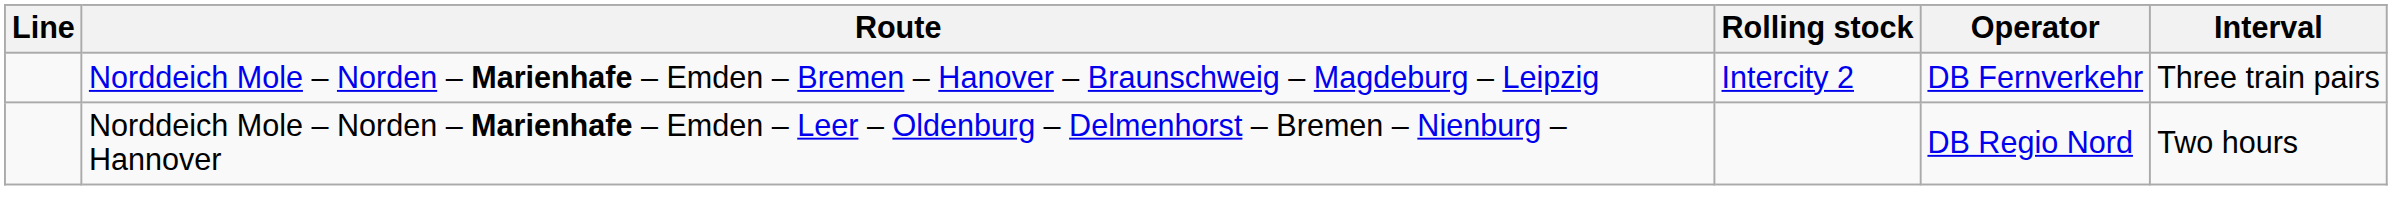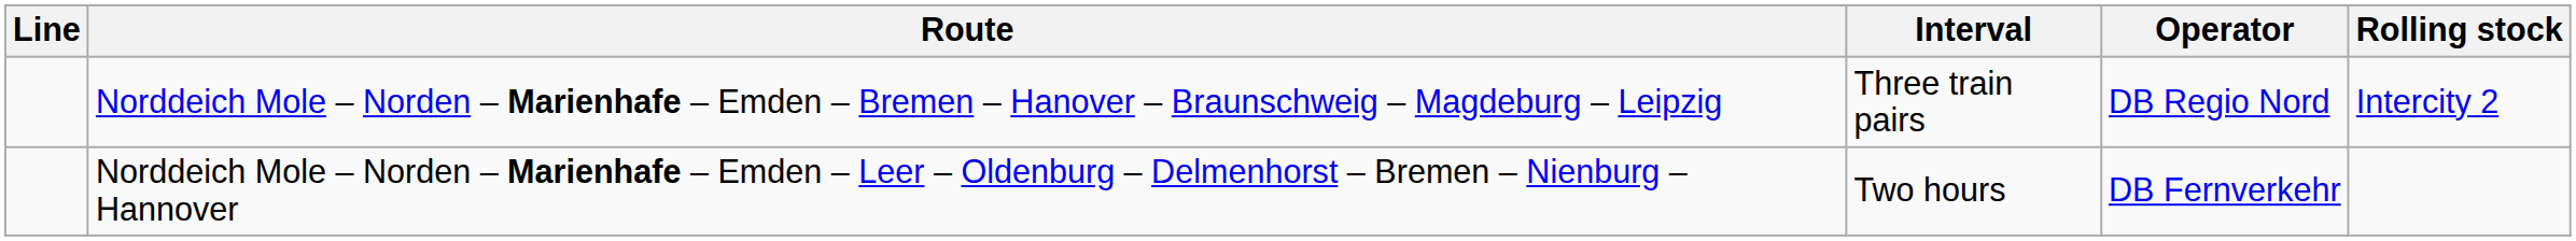 <table class="wikitable">
 <tr>
 <th>Line</th>
 <th>Route</th>
+<th>Interval</th>
+<th>Operator</th>
 <th>Rolling stock</th>
-<th>Operator</th>
-<th>Interval</th>
 </tr>
 <tr>
 <td></td>
 <td><a href='#'>Norddeich Mole</a> – <a href='#'>Norden</a> –  <strong>Marienhafe</strong> – Emden – <a href='#'>Bremen</a> – <a href='#'>Hanover</a> – <a href='#'>Braunschweig</a> – <a href='#'>Magdeburg</a> – <a href='#'>Leipzig</a></td>
+<td>Three train pairs</td>
+<td><a href='#'>DB Regio Nord</a></td>
 <td><a href='#'>Intercity 2</a></td>
-<td><a href='#'>DB Fernverkehr</a></td>
-<td>Three train pairs</td>
 </tr>
 <tr>
 <td></td>
 <td>Norddeich Mole – Norden  –  <strong>Marienhafe</strong> – Emden – <a href='#'>Leer</a> – <a href='#'>Oldenburg</a> – <a href='#'>Delmenhorst</a> – Bremen – <a href='#'>Nienburg</a> – Hannover</td>
+<td>Two hours</td>
+<td><a href='#'>DB Fernverkehr</a></td>
 <td></td>
-<td><a href='#'>DB Regio Nord</a></td>
-<td>Two hours</td>
 </tr>
 </table>
